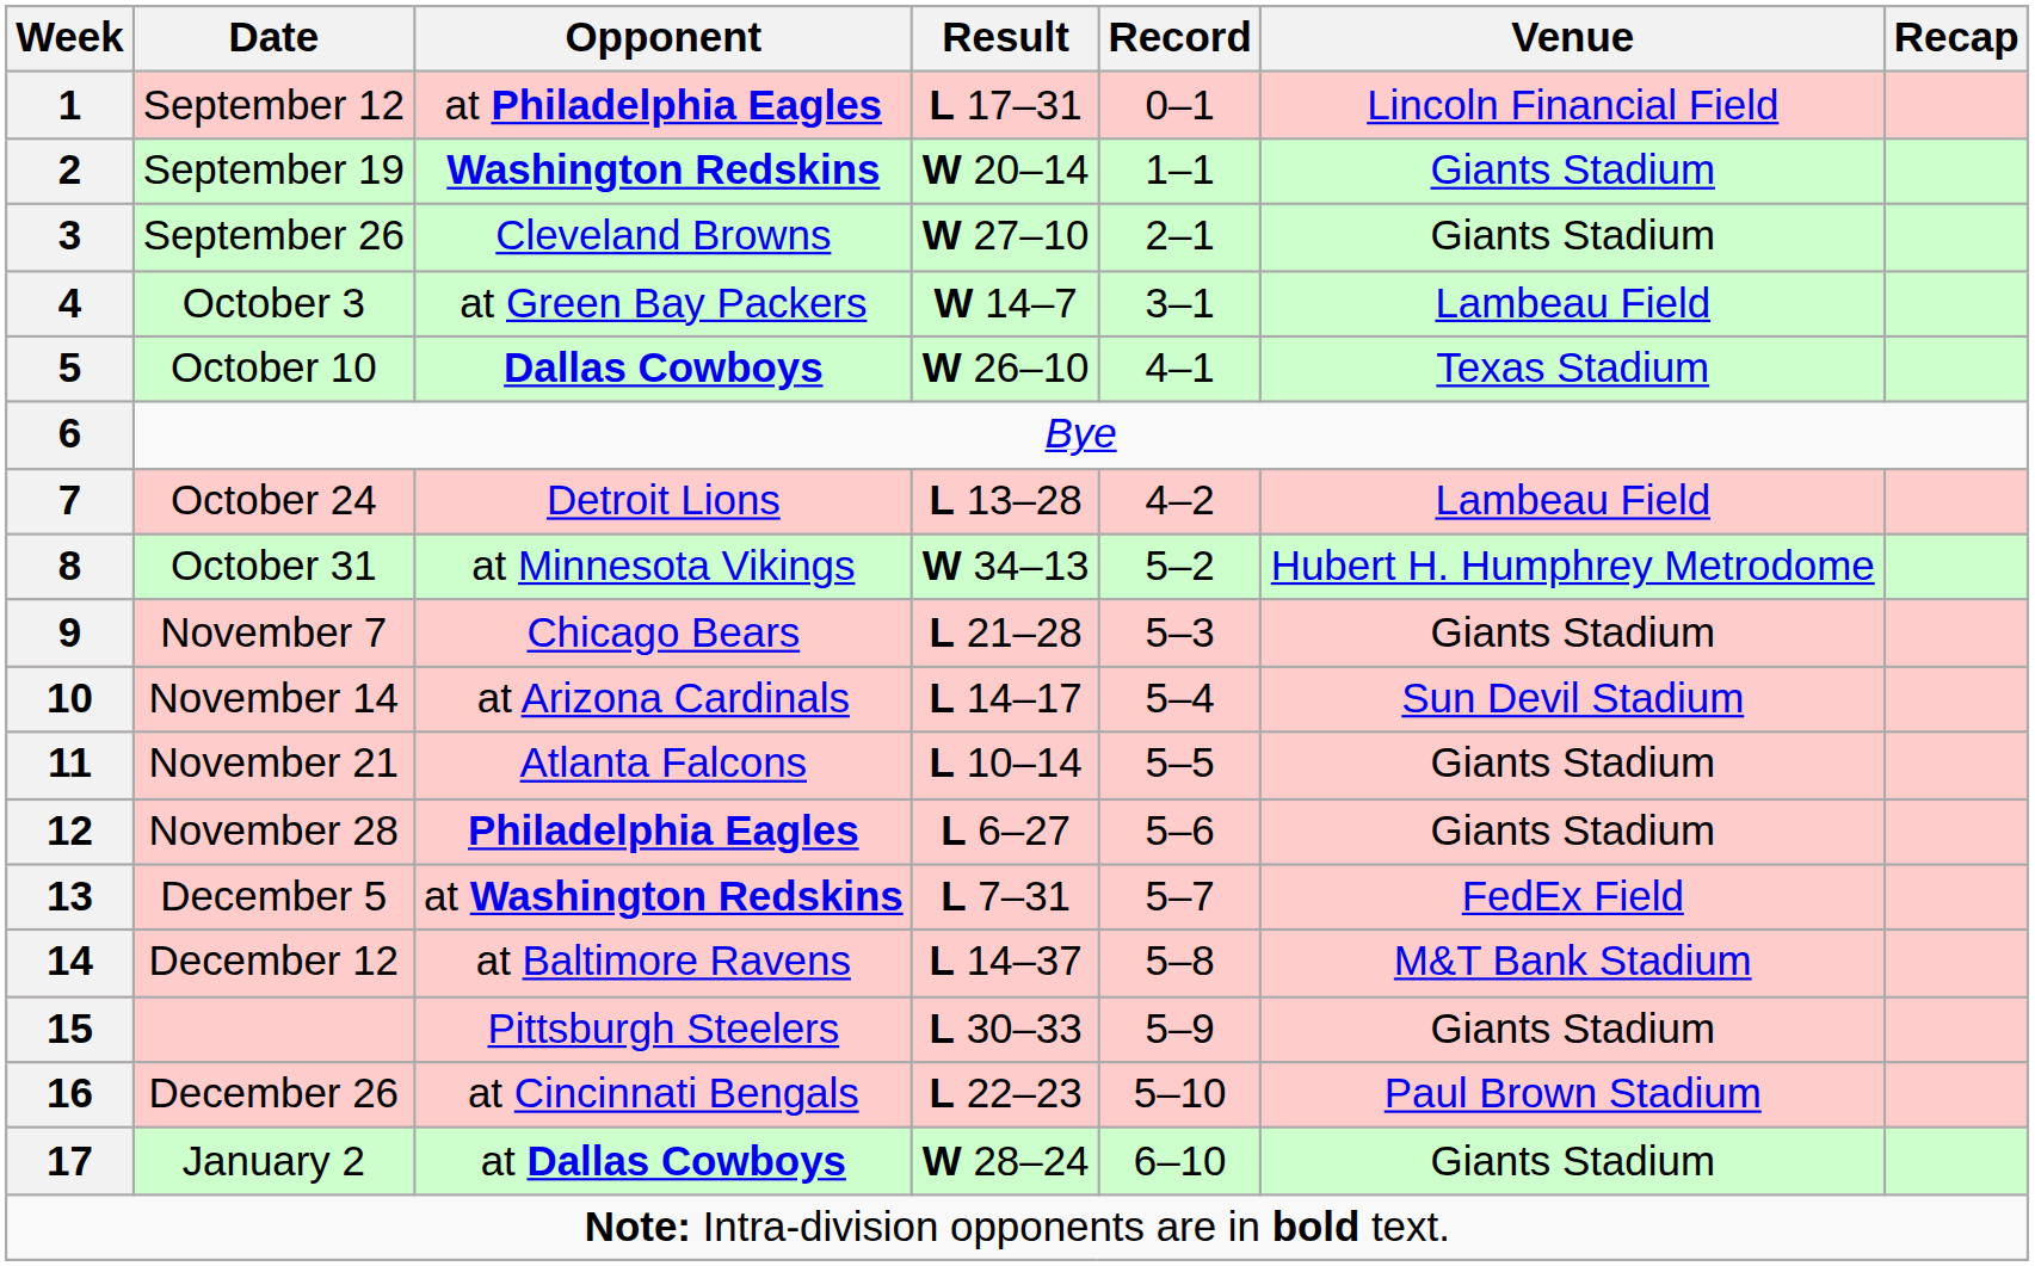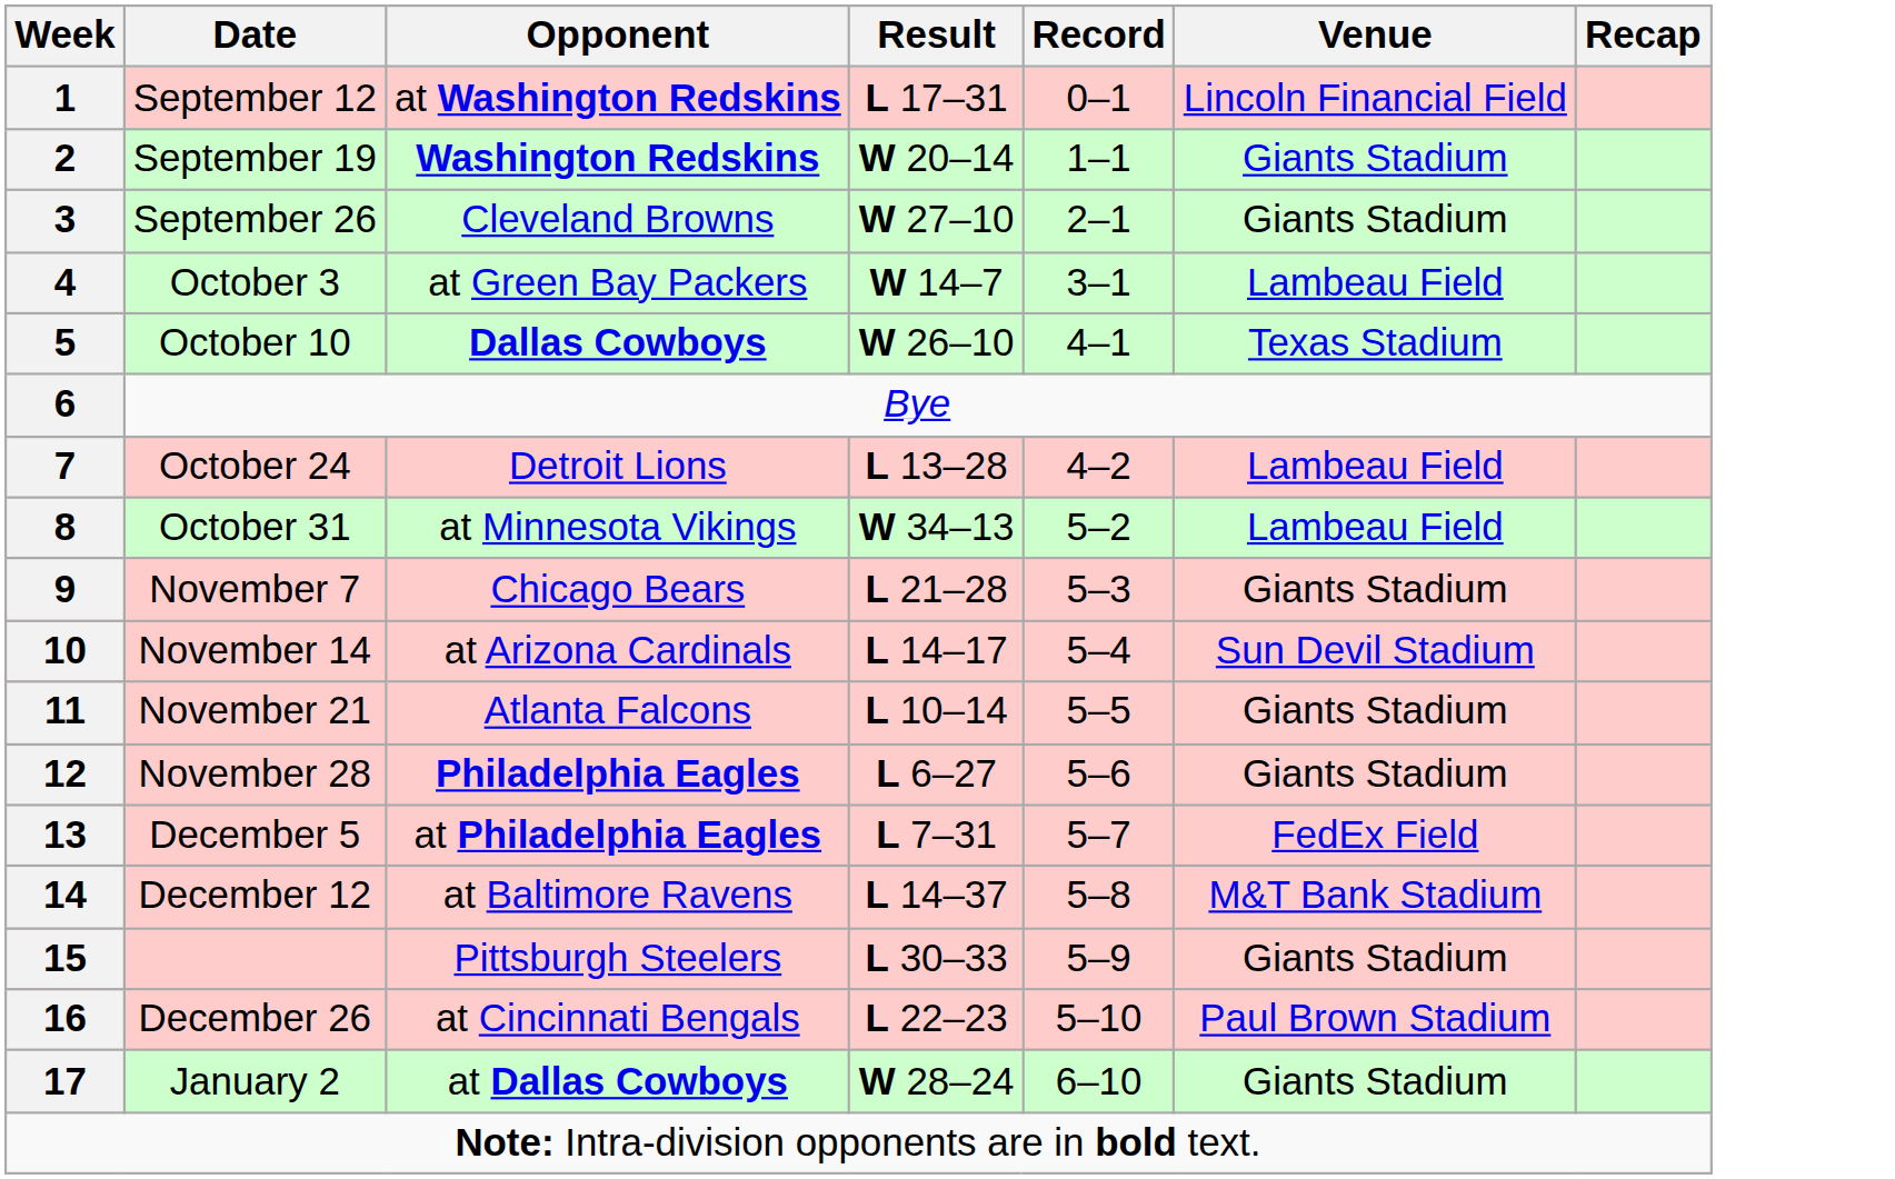 <table class="wikitable" style="text-align:center">
 <tr>
 <th>Week</th>
 <th>Date</th>
 <th>Opponent</th>
 <th>Result</th>
 <th>Record</th>
 <th>Venue</th>
 <th>Recap</th>
 </tr>
 <tr style="background: #fcc;">
 <th>1</th>
 <td>September 12</td>
-<td>at <strong><a href='#'>Philadelphia Eagles</a></strong></td>
+<td>at <strong><a href='#'>Washington Redskins</a></strong></td>
 <td><strong>L</strong> 17–31</td>
 <td>0–1</td>
 <td><a href='#'>Lincoln Financial Field</a></td>
 <td></td>
 </tr>
 <tr style="background: #cfc;">
 <th>2</th>
 <td>September 19</td>
 <td><strong><a href='#'>Washington Redskins</a></strong></td>
 <td><strong>W</strong> 20–14</td>
 <td>1–1</td>
 <td><a href='#'>Giants Stadium</a></td>
 <td></td>
 </tr>
 <tr style="background: #cfc;">
 <th>3</th>
 <td>September 26</td>
 <td><a href='#'>Cleveland Browns</a></td>
 <td><strong>W</strong> 27–10</td>
 <td>2–1</td>
 <td>Giants Stadium</td>
 <td></td>
 </tr>
 <tr style="background: #cfc;">
 <th>4</th>
 <td>October 3</td>
 <td>at <a href='#'>Green Bay Packers</a></td>
 <td><strong>W</strong> 14–7</td>
 <td>3–1</td>
 <td><a href='#'>Lambeau Field</a></td>
 <td></td>
 </tr>
 <tr style="background: #cfc;">
 <th>5</th>
 <td>October 10</td>
 <td><strong><a href='#'>Dallas Cowboys</a></strong></td>
 <td><strong>W</strong> 26–10</td>
 <td>4–1</td>
 <td><a href='#'>Texas Stadium</a></td>
 <td></td>
 </tr>
 <tr>
 <th>6</th>
 <td align="center" colspan="6"><em><a href='#'>Bye</a></em></td>
 </tr>
 <tr style="background: #fcc;">
 <th>7</th>
 <td>October 24</td>
 <td><a href='#'>Detroit Lions</a></td>
 <td><strong>L</strong> 13–28</td>
 <td>4–2</td>
 <td><a href='#'>Lambeau Field</a></td>
 <td></td>
 </tr>
 <tr style="background: #cfc;">
 <th>8</th>
 <td>October 31</td>
 <td>at <a href='#'>Minnesota Vikings</a></td>
 <td><strong>W</strong> 34–13</td>
 <td>5–2</td>
-<td><a href='#'>Hubert H. Humphrey Metrodome</a></td>
+<td><a href='#'>Lambeau Field</a></td>
 <td></td>
 </tr>
 <tr style="background: #fcc;">
 <th>9</th>
 <td>November 7</td>
 <td><a href='#'>Chicago Bears</a></td>
 <td><strong>L</strong> 21–28</td>
 <td>5–3</td>
 <td>Giants Stadium</td>
 <td></td>
 </tr>
 <tr style="background: #fcc;">
 <th>10</th>
 <td>November 14</td>
 <td>at <a href='#'>Arizona Cardinals</a></td>
 <td><strong>L</strong> 14–17</td>
 <td>5–4</td>
 <td><a href='#'>Sun Devil Stadium</a></td>
 <td></td>
 </tr>
 <tr style="background: #fcc;">
 <th>11</th>
 <td>November 21</td>
 <td><a href='#'>Atlanta Falcons</a></td>
 <td><strong>L</strong> 10–14</td>
 <td>5–5</td>
 <td>Giants Stadium</td>
 <td></td>
 </tr>
 <tr style="background: #fcc;">
 <th>12</th>
 <td>November 28</td>
 <td><strong><a href='#'>Philadelphia Eagles</a></strong></td>
 <td><strong>L</strong> 6–27</td>
 <td>5–6</td>
 <td>Giants Stadium</td>
 <td></td>
 </tr>
 <tr style="background: #fcc;">
 <th>13</th>
 <td>December 5</td>
-<td>at <strong><a href='#'>Washington Redskins</a></strong></td>
+<td>at <strong><a href='#'>Philadelphia Eagles</a></strong></td>
 <td><strong>L</strong> 7–31</td>
 <td>5–7</td>
 <td><a href='#'>FedEx Field</a></td>
 <td></td>
 </tr>
 <tr style="background: #fcc;">
 <th>14</th>
 <td>December 12</td>
 <td>at <a href='#'>Baltimore Ravens</a></td>
 <td><strong>L</strong> 14–37</td>
 <td>5–8</td>
 <td><a href='#'>M&T Bank Stadium</a></td>
 <td></td>
 </tr>
 <tr style="background: #fcc;">
 <th>15</th>
 <td></td>
 <td><a href='#'>Pittsburgh Steelers</a></td>
 <td><strong>L</strong> 30–33</td>
 <td>5–9</td>
 <td>Giants Stadium</td>
 <td></td>
 </tr>
 <tr style="background: #fcc;">
 <th>16</th>
 <td>December 26</td>
 <td>at <a href='#'>Cincinnati Bengals</a></td>
 <td><strong>L</strong> 22–23</td>
 <td>5–10</td>
 <td><a href='#'>Paul Brown Stadium</a></td>
 <td></td>
 </tr>
 <tr style="background: #cfc;">
 <th>17</th>
 <td>January 2</td>
 <td>at <strong><a href='#'>Dallas Cowboys</a></strong></td>
 <td><strong>W</strong> 28–24</td>
 <td>6–10</td>
 <td>Giants Stadium</td>
 <td></td>
 </tr>
 <tr>
 <td colspan="8"><strong>Note:</strong> Intra-division opponents are in <strong>bold</strong> text.</td>
 </tr>
 </table>
